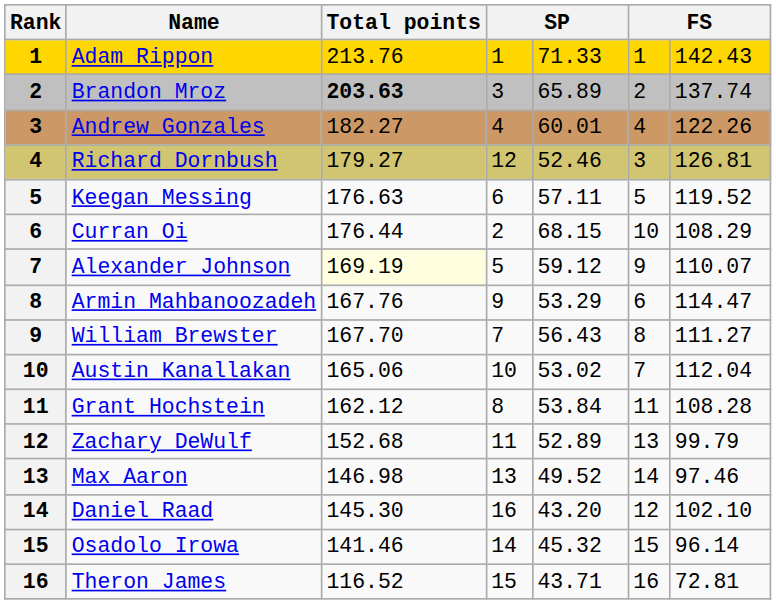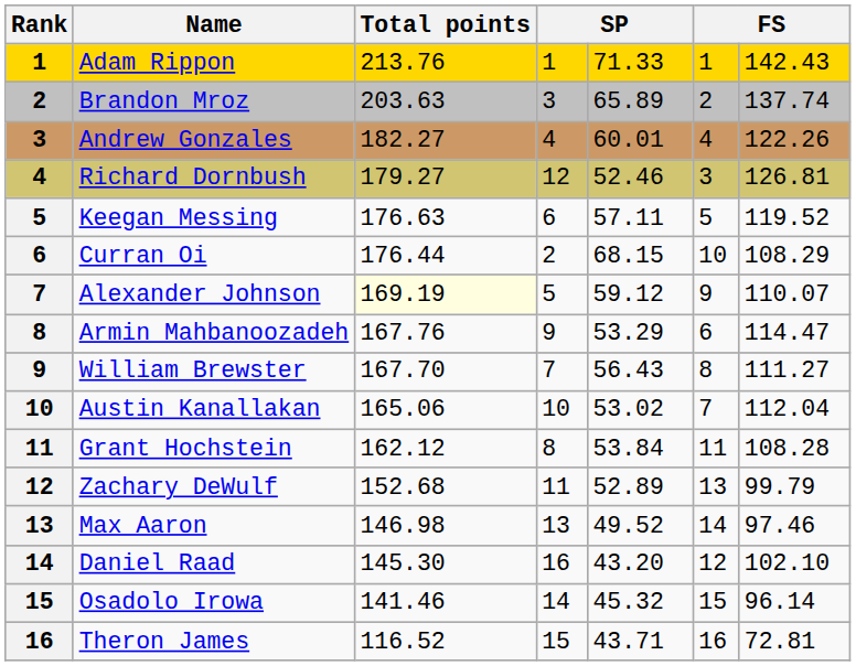 <table class="wikitable">
 <tr>
 <th>Rank</th>
 <th>Name</th>
 <th>Total points</th>
 <th colspan="2" width="80px">SP</th>
 <th colspan="2" width="80px">FS</th>
 </tr>
 <tr style="background:gold;">
 <td style="text-align:center;"><strong>1</strong></td>
 <td><a href='#'>Adam Rippon</a></td>
 <td>213.76</td>
 <td>1</td>
 <td>71.33</td>
 <td>1</td>
 <td>142.43</td>
 </tr>
 <tr style="background:silver;">
 <td style="text-align:center;"><strong>2</strong></td>
 <td><a href='#'>Brandon Mroz</a></td>
-<td><strong>203.63</strong></td>
+<td>203.63</td>
 <td>3</td>
 <td>65.89</td>
 <td>2</td>
 <td>137.74</td>
 </tr>
 <tr style="background:#c96;">
 <td style="text-align:center;"><strong>3</strong></td>
 <td><a href='#'>Andrew Gonzales</a></td>
 <td>182.27</td>
 <td>4</td>
 <td>60.01</td>
 <td>4</td>
 <td>122.26</td>
 </tr>
 <tr style="background:#d1c571;">
 <td style="text-align:center;"><strong>4</strong></td>
 <td><a href='#'>Richard Dornbush</a></td>
 <td>179.27</td>
 <td>12</td>
 <td>52.46</td>
 <td>3</td>
 <td>126.81</td>
 </tr>
 <tr>
 <th>5</th>
 <td><a href='#'>Keegan Messing</a></td>
 <td>176.63</td>
 <td>6</td>
 <td>57.11</td>
 <td>5</td>
 <td>119.52</td>
 </tr>
 <tr>
 <th>6</th>
 <td><a href='#'>Curran Oi</a></td>
 <td>176.44</td>
 <td>2</td>
 <td>68.15</td>
 <td>10</td>
 <td>108.29</td>
 </tr>
 <tr>
 <th>7</th>
 <td><a href='#'>Alexander Johnson</a></td>
 <td style="background: lightyellow;">169.19</td>
 <td>5</td>
 <td>59.12</td>
 <td>9</td>
 <td>110.07</td>
 </tr>
 <tr>
 <th>8</th>
 <td><a href='#'>Armin Mahbanoozadeh</a></td>
 <td>167.76</td>
 <td>9</td>
 <td>53.29</td>
 <td>6</td>
 <td>114.47</td>
 </tr>
 <tr>
 <th>9</th>
 <td><a href='#'>William Brewster</a></td>
 <td>167.70</td>
 <td>7</td>
 <td>56.43</td>
 <td>8</td>
 <td>111.27</td>
 </tr>
 <tr>
 <th>10</th>
 <td><a href='#'>Austin Kanallakan</a></td>
 <td>165.06</td>
 <td>10</td>
 <td>53.02</td>
 <td>7</td>
 <td>112.04</td>
 </tr>
 <tr>
 <th>11</th>
 <td><a href='#'>Grant Hochstein</a></td>
 <td>162.12</td>
 <td>8</td>
 <td>53.84</td>
 <td>11</td>
 <td>108.28</td>
 </tr>
 <tr>
 <th>12</th>
 <td><a href='#'>Zachary DeWulf</a></td>
 <td>152.68</td>
 <td>11</td>
 <td>52.89</td>
 <td>13</td>
 <td>99.79</td>
 </tr>
 <tr>
 <th>13</th>
 <td><a href='#'>Max Aaron</a></td>
 <td>146.98</td>
 <td>13</td>
 <td>49.52</td>
 <td>14</td>
 <td>97.46</td>
 </tr>
 <tr>
 <th>14</th>
 <td><a href='#'>Daniel Raad</a></td>
 <td>145.30</td>
 <td>16</td>
 <td>43.20</td>
 <td>12</td>
 <td>102.10</td>
 </tr>
 <tr>
 <th>15</th>
 <td><a href='#'>Osadolo Irowa</a></td>
 <td>141.46</td>
 <td>14</td>
 <td>45.32</td>
 <td>15</td>
 <td>96.14</td>
 </tr>
 <tr>
 <th>16</th>
 <td><a href='#'>Theron James</a></td>
 <td>116.52</td>
 <td>15</td>
 <td>43.71</td>
 <td>16</td>
 <td>72.81</td>
 </tr>
 </table>
